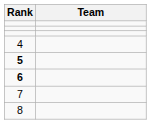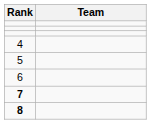 <table class="wikitable" style="text-align: center">
 <tr>
 <th width=40px>Rank</th>
 <th width=160px>Team</th>
 </tr>
 <tr>
 <td></td>
 <td align=left></td>
 </tr>
 <tr>
 <td></td>
 <td align=left></td>
 </tr>
 <tr>
 <td></td>
 <td align=left></td>
 </tr>
 <tr>
 <td>4</td>
 <td align=left></td>
 </tr>
 <tr>
-<td><strong>5</strong></td>
+<td>5</td>
 <td align=left></td>
 </tr>
 <tr>
-<td><strong>6</strong></td>
+<td>6</td>
 <td align=left></td>
 </tr>
 <tr>
-<td>7</td>
+<td><strong>7</strong></td>
 <td align=left></td>
 </tr>
 <tr>
-<td>8</td>
+<td><strong>8</strong></td>
 <td align=left></td>
 </tr>
 </table>
